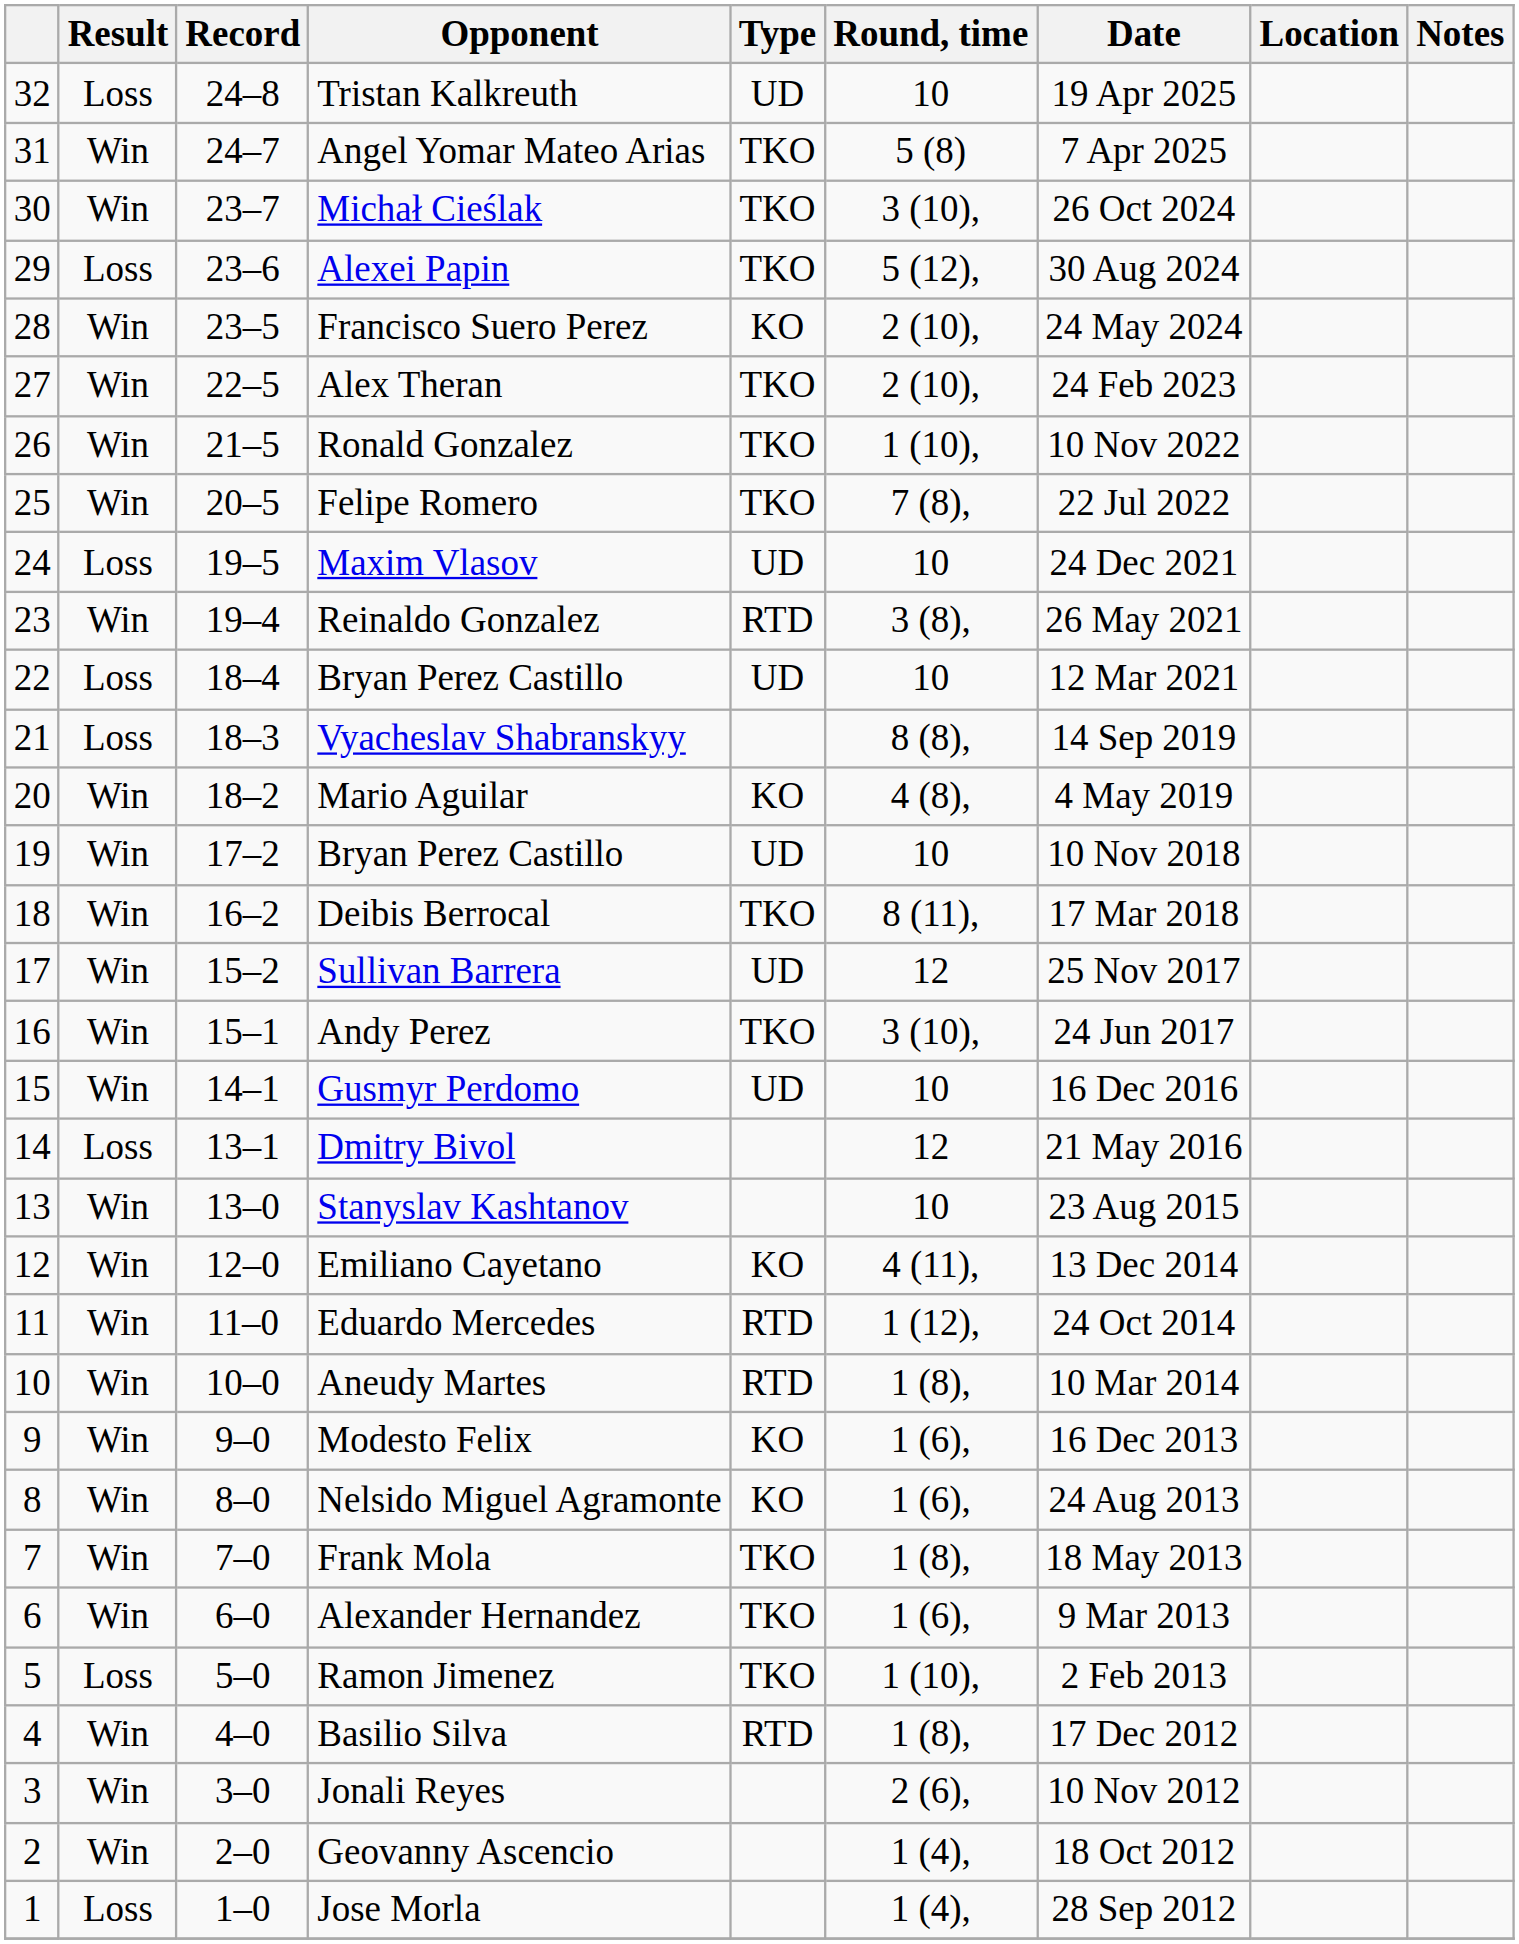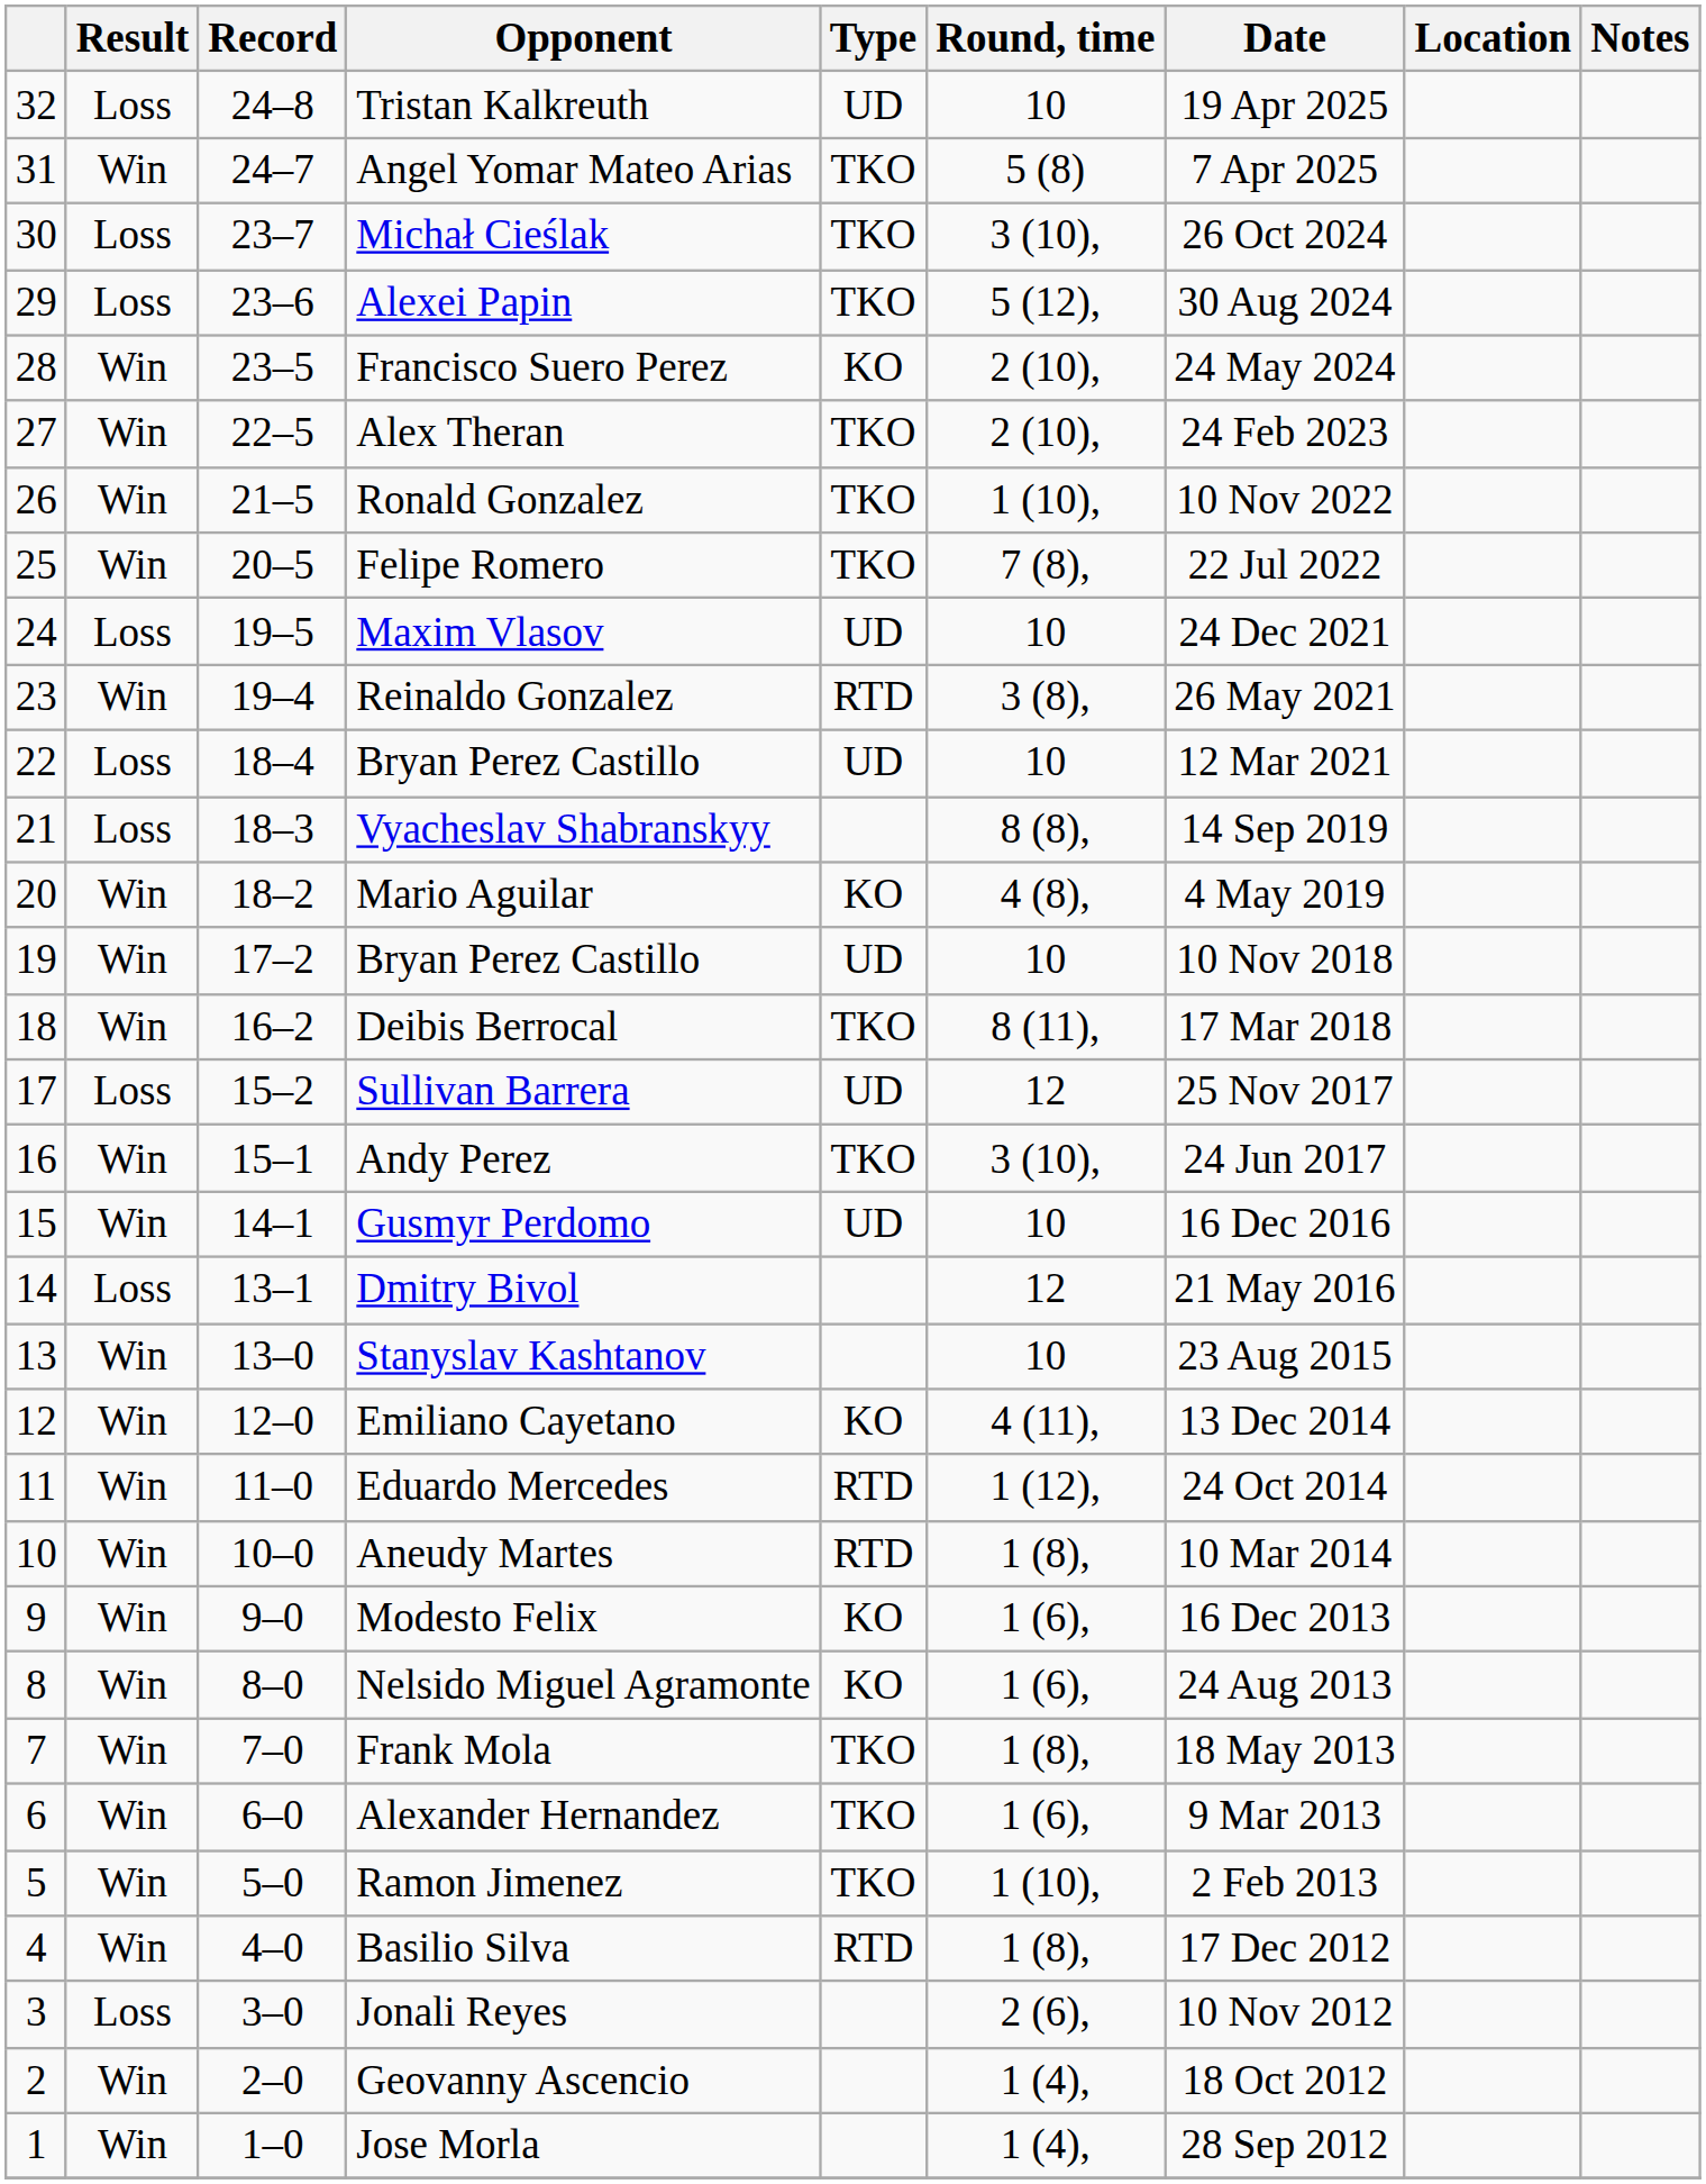 <table class="wikitable" style="text-align:center">
 <tr>
 <th></th>
 <th>Result</th>
 <th>Record</th>
 <th>Opponent</th>
 <th>Type</th>
 <th>Round, time</th>
 <th>Date</th>
 <th>Location</th>
 <th>Notes</th>
 </tr>
 <tr>
 <td>32</td>
 <td>Loss</td>
 <td>24–8</td>
 <td style="text-align:left;"> Tristan Kalkreuth</td>
 <td>UD</td>
 <td>10</td>
 <td>19 Apr 2025</td>
 <td style="text-align:left;"> </td>
 <td></td>
 </tr>
 <tr>
 <td>31</td>
 <td>Win</td>
 <td>24–7</td>
 <td style="text-align:left;"> Angel Yomar Mateo Arias</td>
 <td>TKO</td>
 <td>5 (8) </td>
 <td>7 Apr 2025</td>
 <td style="text-align:left;"> </td>
 <td></td>
 </tr>
 <tr>
 <td>30</td>
-<td>Win</td>
+<td>Loss</td>
 <td>23–7</td>
 <td style="text-align:left;"> <a href='#'>Michał Cieślak</a></td>
 <td>TKO</td>
 <td>3 (10), </td>
 <td>26 Oct 2024</td>
 <td style="text-align:left;"> </td>
 <td></td>
 </tr>
 <tr>
 <td>29</td>
 <td>Loss</td>
 <td>23–6</td>
 <td style="text-align:left;"> <a href='#'>Alexei Papin</a></td>
 <td>TKO</td>
 <td>5 (12), </td>
 <td>30 Aug 2024</td>
 <td style="text-align:left;"> </td>
 <td style="text-align:left;"></td>
 </tr>
 <tr>
 <td>28</td>
 <td>Win</td>
 <td>23–5</td>
 <td style="text-align:left;"> Francisco Suero Perez</td>
 <td>KO</td>
 <td>2 (10), </td>
 <td>24 May 2024</td>
 <td style="text-align:left;"> </td>
 <td></td>
 </tr>
 <tr>
 <td>27</td>
 <td>Win</td>
 <td>22–5</td>
 <td style="text-align:left;"> Alex Theran</td>
 <td>TKO</td>
 <td>2 (10), </td>
 <td>24 Feb 2023</td>
 <td style="text-align:left;"> </td>
 <td></td>
 </tr>
 <tr>
 <td>26</td>
 <td>Win</td>
 <td>21–5</td>
 <td style="text-align:left;"> Ronald Gonzalez</td>
 <td>TKO</td>
 <td>1 (10), </td>
 <td>10 Nov 2022</td>
 <td style="text-align:left;"> </td>
 <td></td>
 </tr>
 <tr>
 <td>25</td>
 <td>Win</td>
 <td>20–5</td>
 <td style="text-align:left;"> Felipe Romero</td>
 <td>TKO</td>
 <td>7 (8), </td>
 <td>22 Jul 2022</td>
 <td style="text-align:left;"> </td>
 <td></td>
 </tr>
 <tr>
 <td>24</td>
 <td>Loss</td>
 <td>19–5</td>
 <td style="text-align:left;"> <a href='#'>Maxim Vlasov</a></td>
 <td>UD</td>
 <td>10</td>
 <td>24 Dec 2021</td>
 <td style="text-align:left;"> </td>
 <td></td>
 </tr>
 <tr>
 <td>23</td>
 <td>Win</td>
 <td>19–4</td>
 <td style="text-align:left;"> Reinaldo Gonzalez</td>
 <td>RTD</td>
 <td>3 (8), </td>
 <td>26 May 2021</td>
 <td style="text-align:left;"> </td>
 <td></td>
 </tr>
 <tr>
 <td>22</td>
 <td>Loss</td>
 <td>18–4</td>
 <td style="text-align:left;"> Bryan Perez Castillo</td>
 <td>UD</td>
 <td>10</td>
 <td>12 Mar 2021</td>
 <td style="text-align:left;"> </td>
 <td style="text-align:left;"></td>
 </tr>
 <tr>
 <td>21</td>
 <td>Loss</td>
 <td>18–3</td>
 <td style="text-align:left;"> <a href='#'>Vyacheslav Shabranskyy</a></td>
 <td></td>
 <td>8 (8), </td>
 <td>14 Sep 2019</td>
 <td style="text-align:left;"> </td>
 <td style="text-align:left;"></td>
 </tr>
 <tr>
 <td>20</td>
 <td>Win</td>
 <td>18–2</td>
 <td style="text-align:left;"> Mario Aguilar</td>
 <td>KO</td>
 <td>4 (8), </td>
 <td>4 May 2019</td>
 <td style="text-align:left;"> </td>
 <td></td>
 </tr>
 <tr>
 <td>19</td>
 <td>Win</td>
 <td>17–2</td>
 <td style="text-align:left;"> Bryan Perez Castillo</td>
 <td>UD</td>
 <td>10</td>
 <td>10 Nov 2018</td>
 <td style="text-align:left;"> </td>
 <td></td>
 </tr>
 <tr>
 <td>18</td>
 <td>Win</td>
 <td>16–2</td>
 <td style="text-align:left;"> Deibis Berrocal</td>
 <td>TKO</td>
 <td>8 (11), </td>
 <td>17 Mar 2018</td>
 <td style="text-align:left;"> </td>
 <td style="text-align:left;"></td>
 </tr>
 <tr>
 <td>17</td>
-<td>Win</td>
+<td>Loss</td>
 <td>15–2</td>
 <td style="text-align:left;"> <a href='#'>Sullivan Barrera</a></td>
 <td>UD</td>
 <td>12</td>
 <td>25 Nov 2017</td>
 <td style="text-align:left;"> </td>
 <td></td>
 </tr>
 <tr>
 <td>16</td>
 <td>Win</td>
 <td>15–1</td>
 <td style="text-align:left;"> Andy Perez</td>
 <td>TKO</td>
 <td>3 (10), </td>
 <td>24 Jun 2017</td>
 <td style="text-align:left;"> </td>
 <td></td>
 </tr>
 <tr>
 <td>15</td>
 <td>Win</td>
 <td>14–1</td>
 <td style="text-align:left;"> <a href='#'>Gusmyr Perdomo</a></td>
 <td>UD</td>
 <td>10</td>
 <td>16 Dec 2016</td>
 <td style="text-align:left;"> </td>
 <td></td>
 </tr>
 <tr>
 <td>14</td>
 <td>Loss</td>
 <td>13–1</td>
 <td style="text-align:left;"> <a href='#'>Dmitry Bivol</a></td>
 <td></td>
 <td>12</td>
 <td>21 May 2016</td>
 <td style="text-align:left;"> </td>
 <td style="text-align:left;"></td>
 </tr>
 <tr>
 <td>13</td>
 <td>Win</td>
 <td>13–0</td>
 <td style="text-align:left;"> <a href='#'>Stanyslav Kashtanov</a></td>
 <td></td>
 <td>10</td>
 <td>23 Aug 2015</td>
 <td style="text-align:left;"> </td>
 <td style="text-align:left;"></td>
 </tr>
 <tr>
 <td>12</td>
 <td>Win</td>
 <td>12–0</td>
 <td style="text-align:left;"> Emiliano Cayetano</td>
 <td>KO</td>
 <td>4 (11), </td>
 <td>13 Dec 2014</td>
 <td style="text-align:left;"> </td>
 <td style="text-align:left;"></td>
 </tr>
 <tr>
 <td>11</td>
 <td>Win</td>
 <td>11–0</td>
 <td style="text-align:left;"> Eduardo Mercedes</td>
 <td>RTD</td>
 <td>1 (12), </td>
 <td>24 Oct 2014</td>
 <td style="text-align:left;"> </td>
 <td style="text-align:left;"></td>
 </tr>
 <tr>
 <td>10</td>
 <td>Win</td>
 <td>10–0</td>
 <td style="text-align:left;"> Aneudy Martes</td>
 <td>RTD</td>
 <td>1 (8), </td>
 <td>10 Mar 2014</td>
 <td style="text-align:left;"> </td>
 <td></td>
 </tr>
 <tr>
 <td>9</td>
 <td>Win</td>
 <td>9–0</td>
 <td style="text-align:left;"> Modesto Felix</td>
 <td>KO</td>
 <td>1 (6), </td>
 <td>16 Dec 2013</td>
 <td style="text-align:left;"> </td>
 <td></td>
 </tr>
 <tr>
 <td>8</td>
 <td>Win</td>
 <td>8–0</td>
 <td style="text-align:left;"> Nelsido Miguel Agramonte</td>
 <td>KO</td>
 <td>1 (6), </td>
 <td>24 Aug 2013</td>
 <td style="text-align:left;"> </td>
 <td></td>
 </tr>
 <tr>
 <td>7</td>
 <td>Win</td>
 <td>7–0</td>
 <td style="text-align:left;"> Frank Mola</td>
 <td>TKO</td>
 <td>1 (8), </td>
 <td>18 May 2013</td>
 <td style="text-align:left;"> </td>
 <td></td>
 </tr>
 <tr>
 <td>6</td>
 <td>Win</td>
 <td>6–0</td>
 <td style="text-align:left;"> Alexander Hernandez</td>
 <td>TKO</td>
 <td>1 (6), </td>
 <td>9 Mar 2013</td>
 <td style="text-align:left;"> </td>
 <td></td>
 </tr>
 <tr>
 <td>5</td>
-<td>Loss</td>
+<td>Win</td>
 <td>5–0</td>
 <td style="text-align:left;"> Ramon Jimenez</td>
 <td>TKO</td>
 <td>1 (10), </td>
 <td>2 Feb 2013</td>
 <td style="text-align:left;"> </td>
 <td></td>
 </tr>
 <tr>
 <td>4</td>
 <td>Win</td>
 <td>4–0</td>
 <td style="text-align:left;"> Basilio Silva</td>
 <td>RTD</td>
 <td>1 (8), </td>
 <td>17 Dec 2012</td>
 <td style="text-align:left;"> </td>
 <td></td>
 </tr>
 <tr>
 <td>3</td>
-<td>Win</td>
+<td>Loss</td>
 <td>3–0</td>
 <td style="text-align:left;"> Jonali Reyes</td>
 <td></td>
 <td>2 (6), </td>
 <td>10 Nov 2012</td>
 <td style="text-align:left;"> </td>
 <td></td>
 </tr>
 <tr>
 <td>2</td>
 <td>Win</td>
 <td>2–0</td>
 <td style="text-align:left;"> Geovanny Ascencio</td>
 <td></td>
 <td>1 (4), </td>
 <td>18 Oct 2012</td>
 <td style="text-align:left;"> </td>
 <td></td>
 </tr>
 <tr>
 <td>1</td>
-<td>Loss</td>
+<td>Win</td>
 <td>1–0</td>
 <td style="text-align:left;"> Jose Morla</td>
 <td></td>
 <td>1 (4), </td>
 <td>28 Sep 2012</td>
 <td style="text-align:left;"> </td>
 <td></td>
 </tr>
 <tr>
 </tr>
 </table>
